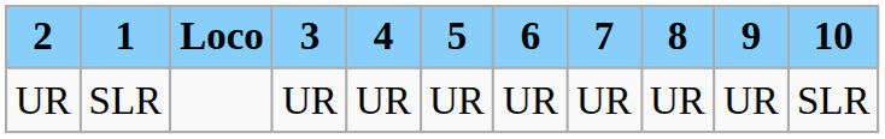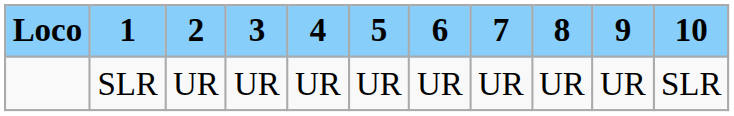 <table class="wikitable plainrowheaders unsortable" style="text-align:center">
 <tr>
+<th scope="col" style="background:lightskyblue;">Loco</th>
+<th scope="col" style="background:lightskyblue;">1</th>
 <th scope="col" style="background:lightskyblue;">2</th>
-<th scope="col" style="background:lightskyblue;">1</th>
-<th scope="col" style="background:lightskyblue;">Loco</th>
 <th scope="col" style="background:lightskyblue;">3</th>
 <th scope="col" style="background:lightskyblue;">4</th>
 <th scope="col" style="background:lightskyblue;">5</th>
 <th scope="col" style="background:lightskyblue;">6</th>
 <th scope="col" style="background:lightskyblue;">7</th>
 <th scope="col" style="background:lightskyblue;">8</th>
 <th scope="col" style="background:lightskyblue;">9</th>
 <th scope="col" style="background:lightskyblue;">10</th>
 </tr>
 <tr>
+<td></td>
+<td>SLR</td>
 <td>UR</td>
-<td>SLR</td>
-<td></td>
 <td>UR</td>
 <td>UR</td>
 <td>UR</td>
 <td>UR</td>
 <td>UR</td>
 <td>UR</td>
 <td>UR</td>
 <td>SLR</td>
 </tr>
 </table>
